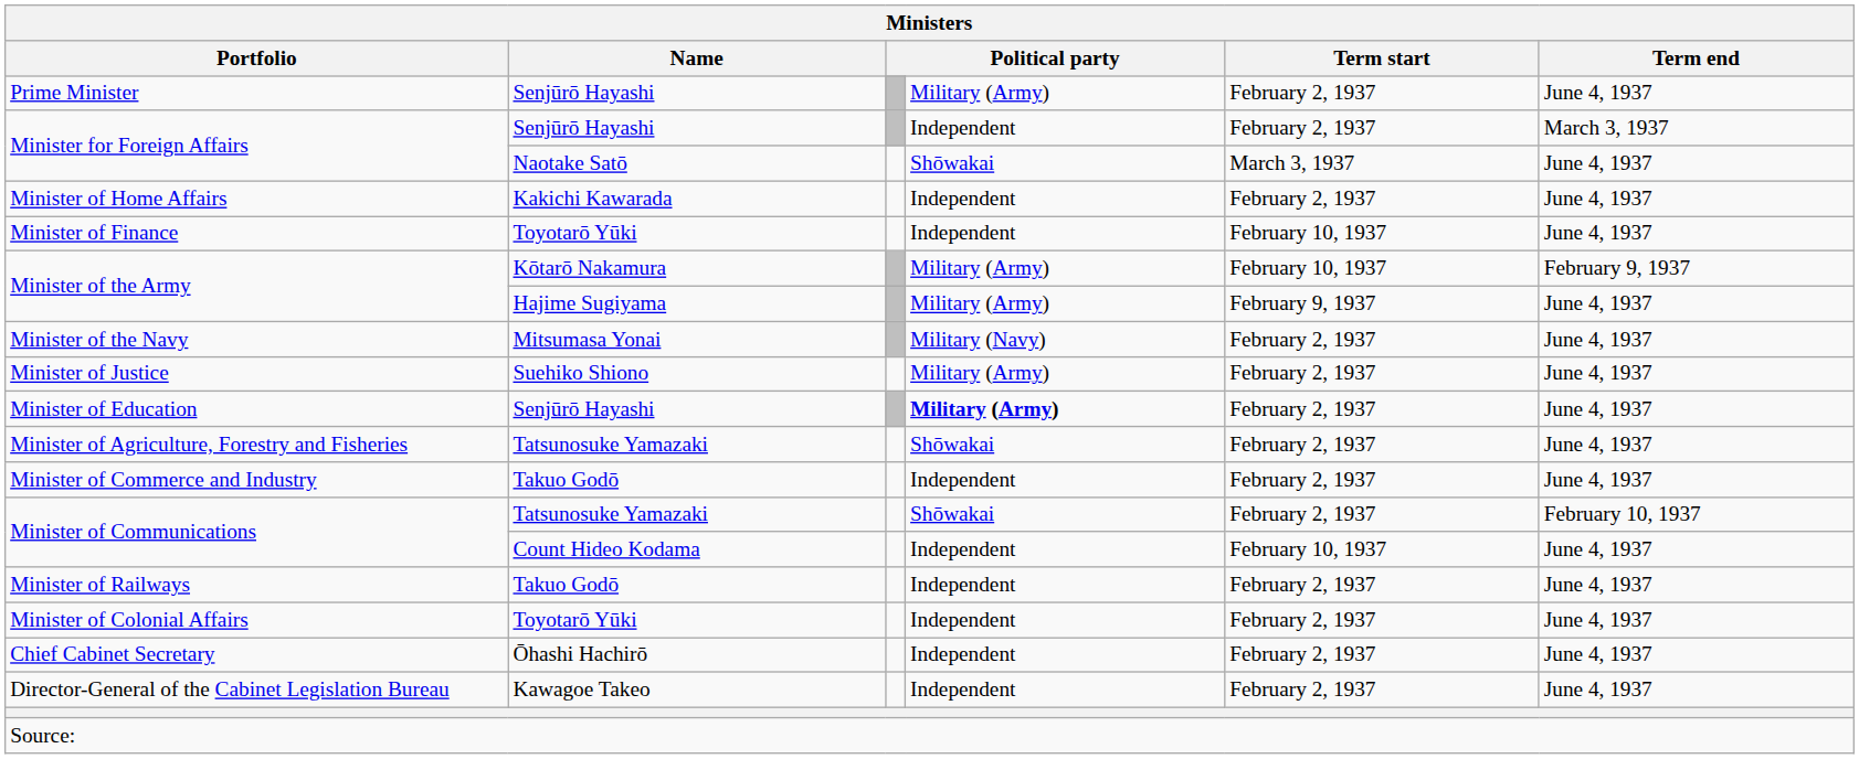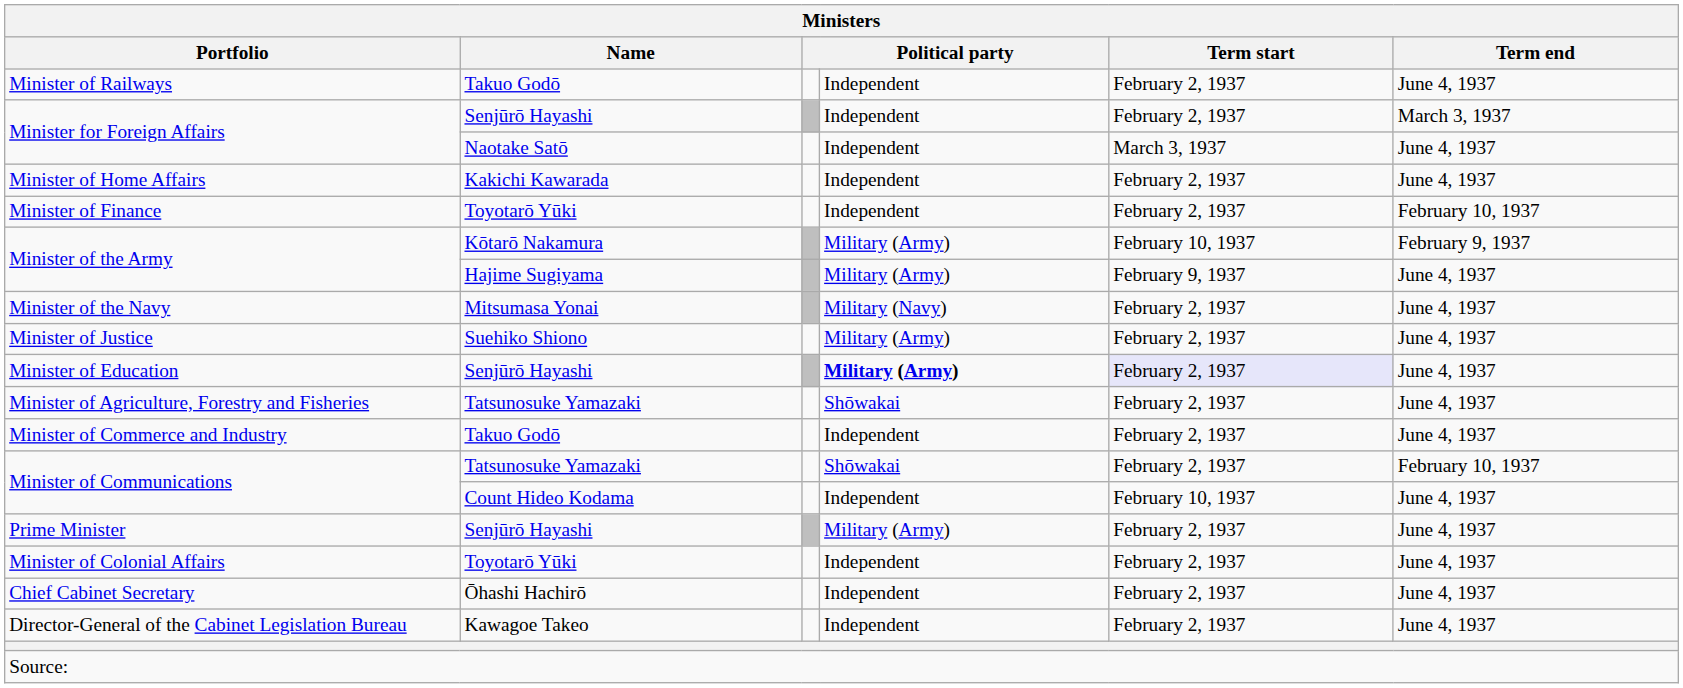 <table class="wikitable unsortable" style="font-size: 90%;">
 <tr>
 <th colspan="6">Ministers</th>
 </tr>
 <tr>
 <th scope="col" width="20%">Portfolio</th>
 <th scope="col" width="15%">Name</th>
 <th colspan="2" scope="col" width="13.5%">Political party</th>
 <th scope="col" width="12.5%">Term start</th>
 <th scope="col" width="12.5%">Term end</th>
 </tr>
 <tr>
-<td style="text-align: left;"><a href='#'>Prime Minister</a></td>
-<td><a href='#'>Senjūrō Hayashi</a></td>
-<td style="color:inherit;background:#bfbfbf"></td>
-<td><a href='#'>Military</a> (<a href='#'>Army</a>)</td>
+<td><a href='#'>Minister of Railways</a></td>
+<td><a href='#'>Takuo Godō</a></td>
+<td style="color:inherit;background:"></td>
+<td>Independent</td>
 <td>February 2, 1937</td>
 <td>June 4, 1937</td>
 </tr>
 <tr>
 <td rowspan="2"><a href='#'>Minister for Foreign Affairs</a></td>
 <td><a href='#'>Senjūrō Hayashi</a></td>
 <td style="color:inherit;background:#bfbfbf"></td>
 <td>Independent</td>
 <td>February 2, 1937</td>
 <td>March 3, 1937</td>
 </tr>
 <tr>
 <td><a href='#'>Naotake Satō</a></td>
 <td style="color:inherit;background:"></td>
-<td><a href='#'>Shōwakai</a></td>
+<td>Independent</td>
 <td>March 3, 1937</td>
 <td>June 4, 1937</td>
 </tr>
 <tr>
 <td><a href='#'>Minister of Home Affairs</a></td>
 <td><a href='#'>Kakichi Kawarada</a></td>
 <td style="color:inherit;background:"></td>
 <td>Independent</td>
 <td>February 2, 1937</td>
 <td>June 4, 1937</td>
 </tr>
 <tr>
 <td><a href='#'>Minister of Finance</a></td>
 <td><a href='#'>Toyotarō Yūki</a></td>
 <td style="color:inherit;background:"></td>
 <td>Independent</td>
+<td>February 2, 1937</td>
 <td>February 10, 1937</td>
-<td>June 4, 1937</td>
 </tr>
 <tr>
 <td rowspan="2"><a href='#'>Minister of the Army</a></td>
 <td><a href='#'>Kōtarō Nakamura</a></td>
 <td style="color:inherit;background:#bfbfbf"></td>
 <td><a href='#'>Military</a> (<a href='#'>Army</a>)</td>
 <td>February 10, 1937</td>
 <td>February 9, 1937</td>
 </tr>
 <tr>
 <td><a href='#'>Hajime Sugiyama</a></td>
 <td style="color:inherit;background:#bfbfbf"></td>
 <td><a href='#'>Military</a> (<a href='#'>Army</a>)</td>
 <td>February 9, 1937</td>
 <td>June 4, 1937</td>
 </tr>
 <tr>
 <td><a href='#'>Minister of the Navy</a></td>
 <td><a href='#'>Mitsumasa Yonai</a></td>
 <td style="color:inherit;background:#bfbfbf"></td>
 <td><a href='#'>Military</a> (<a href='#'>Navy</a>)</td>
 <td>February 2, 1937</td>
 <td>June 4, 1937</td>
 </tr>
 <tr>
 <td><a href='#'>Minister of Justice</a></td>
 <td><a href='#'>Suehiko Shiono</a></td>
 <td style="color:inherit;background:"></td>
 <td><a href='#'>Military</a> (<a href='#'>Army</a>)</td>
 <td>February 2, 1937</td>
 <td>June 4, 1937</td>
 </tr>
 <tr>
 <td><a href='#'>Minister of Education</a></td>
 <td><a href='#'>Senjūrō Hayashi</a></td>
 <td style="color:inherit;background:#bfbfbf"></td>
 <td><strong><a href='#'>Military</a> (<a href='#'>Army</a>)</strong></td>
-<td>February 2, 1937</td>
+<td style="background: lavender;">February 2, 1937</td>
 <td>June 4, 1937</td>
 </tr>
 <tr>
 <td><a href='#'>Minister of Agriculture, Forestry and Fisheries</a></td>
 <td><a href='#'>Tatsunosuke Yamazaki</a></td>
 <td style="color:inherit;background:"></td>
 <td><a href='#'>Shōwakai</a></td>
 <td>February 2, 1937</td>
 <td>June 4, 1937</td>
 </tr>
 <tr>
 <td><a href='#'>Minister of Commerce and Industry</a></td>
 <td><a href='#'>Takuo Godō</a></td>
 <td style="color:inherit;background:"></td>
 <td>Independent</td>
 <td>February 2, 1937</td>
 <td>June 4, 1937</td>
 </tr>
 <tr>
 <td rowspan="2"><a href='#'>Minister of Communications</a></td>
 <td><a href='#'>Tatsunosuke Yamazaki</a></td>
 <td style="color:inherit;background:"></td>
 <td><a href='#'>Shōwakai</a></td>
 <td>February 2, 1937</td>
 <td>February 10, 1937</td>
 </tr>
 <tr>
 <td><a href='#'>Count Hideo Kodama</a></td>
 <td style="color:inherit;background:"></td>
 <td>Independent</td>
 <td>February 10, 1937</td>
 <td>June 4, 1937</td>
 </tr>
 <tr>
-<td><a href='#'>Minister of Railways</a></td>
-<td><a href='#'>Takuo Godō</a></td>
-<td style="color:inherit;background:"></td>
-<td>Independent</td>
+<td style="text-align: left;"><a href='#'>Prime Minister</a></td>
+<td><a href='#'>Senjūrō Hayashi</a></td>
+<td style="color:inherit;background:#bfbfbf"></td>
+<td><a href='#'>Military</a> (<a href='#'>Army</a>)</td>
 <td>February 2, 1937</td>
 <td>June 4, 1937</td>
 </tr>
 <tr>
 <td><a href='#'>Minister of Colonial Affairs</a></td>
 <td><a href='#'>Toyotarō Yūki</a></td>
 <td style="color:inherit;background:"></td>
 <td>Independent</td>
 <td>February 2, 1937</td>
 <td>June 4, 1937</td>
 </tr>
 <tr>
 <td><a href='#'>Chief Cabinet Secretary</a></td>
 <td>Ōhashi Hachirō</td>
 <td style="color:inherit;background:"></td>
 <td>Independent</td>
 <td>February 2, 1937</td>
 <td>June 4, 1937</td>
 </tr>
 <tr>
 <td>Director-General of the <a href='#'>Cabinet Legislation Bureau</a></td>
 <td>Kawagoe Takeo</td>
 <td style="color:inherit;background:"></td>
 <td>Independent</td>
 <td>February 2, 1937</td>
 <td>June 4, 1937</td>
 </tr>
 <tr>
 <th colspan="6"></th>
 </tr>
 <tr>
 <td colspan="6">Source:</td>
 </tr>
 </table>
